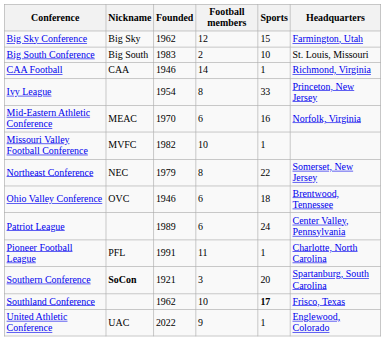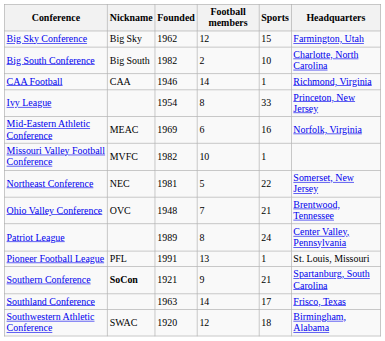 <table class="wikitable sortable">
 <tr>
 <th width=px>Conference</th>
 <th width=px>Nickname</th>
 <th width=px>Founded</th>
 <th width=px>Football members</th>
 <th width=px>Sports</th>
 <th width=px>Headquarters</th>
 </tr>
 <tr>
 <td><a href='#'>Big Sky Conference</a></td>
 <td>Big Sky</td>
 <td>1962</td>
 <td>12</td>
 <td>15</td>
 <td><a href='#'>Farmington, Utah</a></td>
 </tr>
 <tr>
 <td><a href='#'>Big South Conference</a></td>
 <td>Big South</td>
-<td>1983</td>
+<td>1982</td>
 <td>2</td>
 <td>10</td>
-<td>St. Louis, Missouri</td>
+<td><a href='#'>Charlotte, North Carolina</a></td>
 </tr>
 <tr>
 <td><a href='#'>CAA Football</a></td>
 <td>CAA</td>
 <td>1946</td>
 <td>14</td>
 <td>1</td>
 <td><a href='#'>Richmond, Virginia</a></td>
 </tr>
 <tr>
 <td><a href='#'>Ivy League</a></td>
 <td></td>
 <td>1954</td>
 <td>8</td>
 <td>33</td>
 <td><a href='#'>Princeton, New Jersey</a></td>
 </tr>
 <tr>
 <td><a href='#'>Mid-Eastern Athletic Conference</a></td>
 <td>MEAC</td>
-<td>1970</td>
+<td>1969</td>
 <td>6</td>
 <td>16</td>
 <td><a href='#'>Norfolk, Virginia</a></td>
 </tr>
 <tr>
 <td><a href='#'>Missouri Valley Football Conference</a></td>
 <td>MVFC</td>
 <td>1982</td>
 <td>10</td>
 <td>1</td>
 <td></td>
 </tr>
 <tr>
 <td><a href='#'>Northeast Conference</a></td>
 <td>NEC</td>
-<td>1979</td>
-<td>8</td>
+<td>1981</td>
+<td>5</td>
 <td>22</td>
 <td><a href='#'>Somerset, New Jersey</a></td>
 </tr>
 <tr>
 <td><a href='#'>Ohio Valley Conference</a></td>
 <td>OVC</td>
-<td>1946</td>
-<td>6</td>
-<td>18</td>
+<td>1948</td>
+<td>7</td>
+<td>21</td>
 <td><a href='#'>Brentwood, Tennessee</a></td>
 </tr>
 <tr>
 <td><a href='#'>Patriot League</a></td>
 <td></td>
 <td>1989</td>
-<td>6</td>
+<td>8</td>
 <td>24</td>
 <td><a href='#'>Center Valley, Pennsylvania</a></td>
 </tr>
 <tr>
 <td><a href='#'>Pioneer Football League</a></td>
 <td>PFL</td>
 <td>1991</td>
-<td>11</td>
+<td>13</td>
 <td>1</td>
-<td><a href='#'>Charlotte, North Carolina</a></td>
+<td>St. Louis, Missouri</td>
 </tr>
 <tr>
 <td><a href='#'>Southern Conference</a></td>
 <td><strong>SoCon</strong></td>
 <td>1921</td>
-<td>3</td>
-<td>20</td>
+<td>9</td>
+<td>21</td>
 <td><a href='#'>Spartanburg, South Carolina</a></td>
 </tr>
 <tr>
 <td><a href='#'>Southland Conference</a></td>
 <td></td>
-<td>1962</td>
-<td>10</td>
-<td><strong>17</strong></td>
+<td>1963</td>
+<td>14</td>
+<td>17</td>
 <td><a href='#'>Frisco, Texas</a></td>
 </tr>
 <tr>
-<td><a href='#'>United Athletic Conference</a></td>
-<td>UAC</td>
-<td>2022</td>
-<td>9</td>
-<td>1</td>
-<td><a href='#'>Englewood, Colorado</a></td>
+<td><a href='#'>Southwestern Athletic Conference</a></td>
+<td>SWAC</td>
+<td>1920</td>
+<td>12</td>
+<td>18</td>
+<td><a href='#'>Birmingham, Alabama</a></td>
 </tr>
 </table>
